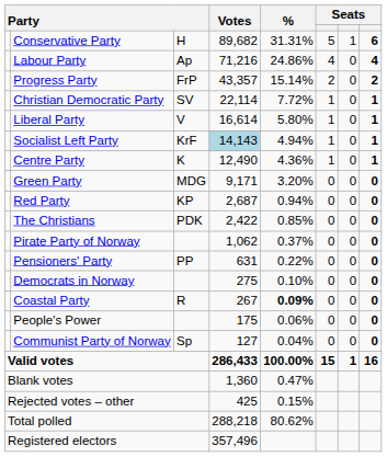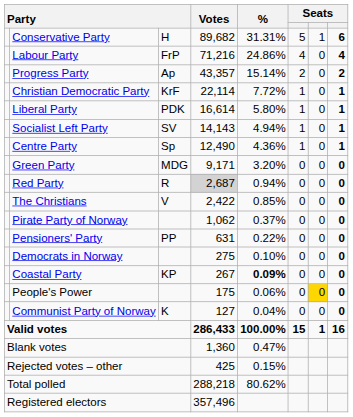 <table class="wikitable" border="1" style="text-align:right;">
 <tr>
 <th style="text-align:left;" valign=bottom rowspan=2 colspan=3>Party</th>
 <th align=center valign=bottom rowspan=2 width="50">Votes</th>
 <th align=center valign=bottom rowspan=2 width="50">%</th>
 <th colspan=3>Seats</th>
 </tr>
 <tr>
 <th align=center valign=bottom width="20"><small></small></th>
 <th align=center valign=bottom width="20"><small><a href='#'></a></small></th>
 <th align=center valign=bottom width="20"><small></small></th>
 </tr>
 <tr>
 <td style="color:inherit;background:"></td>
 <td align=left><a href='#'>Conservative Party</a></td>
 <td align=left>H</td>
 <td>89,682</td>
 <td>31.31%</td>
 <td>5</td>
 <td>1</td>
 <td><strong>6</strong></td>
 </tr>
 <tr>
 <td style="color:inherit;background:"></td>
 <td align=left><a href='#'>Labour Party</a></td>
-<td align=left>Ap</td>
+<td align=left>FrP</td>
 <td>71,216</td>
 <td>24.86%</td>
 <td>4</td>
 <td>0</td>
 <td><strong>4</strong></td>
 </tr>
 <tr>
 <td style="color:inherit;background:"></td>
 <td align=left><a href='#'>Progress Party</a></td>
-<td align=left>FrP</td>
+<td align=left>Ap</td>
 <td>43,357</td>
 <td>15.14%</td>
 <td>2</td>
 <td>0</td>
 <td><strong>2</strong></td>
 </tr>
 <tr>
 <td style="color:inherit;background:"></td>
 <td align=left><a href='#'>Christian Democratic Party</a></td>
-<td align=left>SV</td>
+<td align=left>KrF</td>
 <td>22,114</td>
 <td>7.72%</td>
 <td>1</td>
 <td>0</td>
 <td><strong>1</strong></td>
 </tr>
 <tr>
 <td style="color:inherit;background:"></td>
 <td align=left><a href='#'>Liberal Party</a></td>
-<td align=left>V</td>
+<td align=left>PDK</td>
 <td>16,614</td>
 <td>5.80%</td>
 <td>1</td>
 <td>0</td>
 <td><strong>1</strong></td>
 </tr>
 <tr>
 <td style="color:inherit;background:"></td>
 <td align=left><a href='#'>Socialist Left Party</a></td>
-<td align=left>KrF</td>
-<td style="background: lightblue;">14,143</td>
+<td align=left>SV</td>
+<td>14,143</td>
 <td>4.94%</td>
 <td>1</td>
 <td>0</td>
 <td><strong>1</strong></td>
 </tr>
 <tr>
 <td style="color:inherit;background:"></td>
 <td align=left><a href='#'>Centre Party</a></td>
-<td align=left>K</td>
+<td align=left>Sp</td>
 <td>12,490</td>
 <td>4.36%</td>
 <td>1</td>
 <td>0</td>
 <td><strong>1</strong></td>
 </tr>
 <tr>
 <td style="color:inherit;background:"></td>
 <td align=left><a href='#'>Green Party</a></td>
 <td align=left>MDG</td>
 <td>9,171</td>
 <td>3.20%</td>
 <td>0</td>
 <td>0</td>
 <td><strong>0</strong></td>
 </tr>
 <tr>
 <td style="color:inherit;background:"></td>
 <td align=left><a href='#'>Red Party</a></td>
-<td align=left>KP</td>
-<td>2,687</td>
+<td align=left>R</td>
+<td style="background: lightgrey;">2,687</td>
 <td>0.94%</td>
 <td>0</td>
 <td>0</td>
 <td><strong>0</strong></td>
 </tr>
 <tr>
 <td style="color:inherit;background:"></td>
 <td align=left><a href='#'>The Christians</a></td>
-<td align=left>PDK</td>
+<td align=left>V</td>
 <td>2,422</td>
 <td>0.85%</td>
 <td>0</td>
 <td>0</td>
 <td><strong>0</strong></td>
 </tr>
 <tr>
 <td style="color:inherit;background:"></td>
 <td align=left><a href='#'>Pirate Party of Norway</a></td>
 <td align=left></td>
 <td>1,062</td>
 <td>0.37%</td>
 <td>0</td>
 <td>0</td>
 <td><strong>0</strong></td>
 </tr>
 <tr>
 <td style="color:inherit;background:"></td>
 <td align=left><a href='#'>Pensioners' Party</a></td>
 <td align=left>PP</td>
 <td>631</td>
 <td>0.22%</td>
 <td>0</td>
 <td>0</td>
 <td><strong>0</strong></td>
 </tr>
 <tr>
 <td style="color:inherit;background:"></td>
 <td align=left><a href='#'>Democrats in Norway</a></td>
 <td align=left></td>
 <td>275</td>
 <td>0.10%</td>
 <td>0</td>
 <td>0</td>
 <td><strong>0</strong></td>
 </tr>
 <tr>
 <td style="color:inherit;background:"></td>
 <td align=left><a href='#'>Coastal Party</a></td>
-<td align=left>R</td>
+<td align=left>KP</td>
 <td>267</td>
 <td><strong>0.09%</strong></td>
 <td>0</td>
 <td>0</td>
 <td><strong>0</strong></td>
 </tr>
 <tr>
 <td></td>
 <td align=left>People's Power</td>
 <td align=left></td>
 <td>175</td>
 <td>0.06%</td>
 <td>0</td>
-<td>0</td>
+<td style="background: gold;">0</td>
 <td><strong>0</strong></td>
 </tr>
 <tr>
 <td style="color:inherit;background:"></td>
 <td align=left><a href='#'>Communist Party of Norway</a></td>
-<td align=left>Sp</td>
+<td align=left>K</td>
 <td>127</td>
 <td>0.04%</td>
 <td>0</td>
 <td>0</td>
 <td><strong>0</strong></td>
 </tr>
 <tr style="font-weight:bold">
 <td align=left colspan=3>Valid votes</td>
 <td>286,433</td>
 <td>100.00%</td>
 <td>15</td>
 <td>1</td>
 <td>16</td>
 </tr>
 <tr>
 <td align=left colspan=3>Blank votes</td>
 <td>1,360</td>
 <td>0.47%</td>
 <td></td>
 <td></td>
 <td></td>
 </tr>
 <tr>
 <td align=left colspan=3>Rejected votes – other</td>
 <td>425</td>
 <td>0.15%</td>
 <td></td>
 <td></td>
 <td></td>
 </tr>
 <tr>
 <td align=left colspan=3>Total polled</td>
 <td>288,218</td>
 <td>80.62%</td>
 <td></td>
 <td></td>
 <td></td>
 </tr>
 <tr>
 <td align=left colspan=3>Registered electors</td>
 <td>357,496</td>
 <td></td>
 <td></td>
 <td></td>
 <td></td>
 </tr>
 </table>
